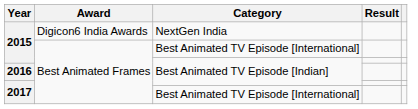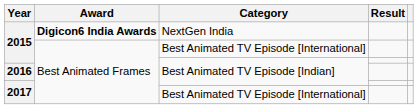 <table class="wikitable">
 <tr>
 <th>Year</th>
 <th>Award</th>
 <th>Category</th>
 <th>Result</th>
 <th></th>
 </tr>
 <tr>
 <th rowspan="3">2015</th>
-<td>Digicon6 India Awards</td>
+<td><strong>Digicon6 India Awards</strong></td>
 <td>NextGen India</td>
 <td></td>
 <td></td>
 </tr>
 <tr>
 <td rowspan="5">Best Animated Frames</td>
 <td>Best Animated TV Episode [International]</td>
 <td></td>
 <td></td>
 </tr>
 <tr>
 <td rowspan="3">Best Animated TV Episode [Indian]</td>
 <td></td>
 <td></td>
 </tr>
 <tr>
 <th>2016</th>
 <td></td>
 <td></td>
 </tr>
 <tr>
 <th rowspan="2">2017</th>
 <td></td>
 <td></td>
 </tr>
 <tr>
 <td>Best Animated TV Episode [International]</td>
 <td></td>
 <td></td>
 </tr>
 </table>
